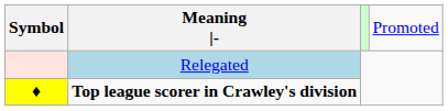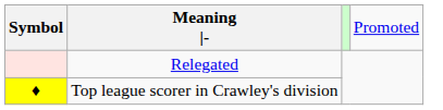 <table class="wikitable" style="text-align:center">
 <tr>
 <th scope=col>Symbol</th>
 <th scope=col>Meaning<br>|-</th>
 <td style=background:#cfc></td>
 <td><a href='#'>Promoted</a></td>
 </tr>
 <tr>
 <td style=background:MistyRose></td>
-<td style="background: lightblue;"><a href='#'>Relegated</a></td>
+<td><a href='#'>Relegated</a></td>
 </tr>
 <tr>
 <td style=background:yellow>♦</td>
-<td><strong>Top league scorer in Crawley's division</strong></td>
+<td>Top league scorer in Crawley's division</td>
 </tr>
 </table>
